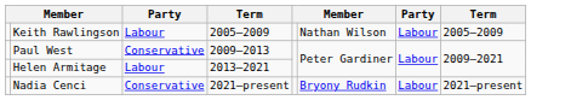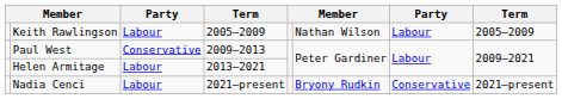 <table class="wikitable">
 <tr>
 <th colspan="2">Member</th>
 <th>Party</th>
 <th>Term</th>
 <th colspan="2">Member</th>
 <th>Party</th>
 <th>Term</th>
 </tr>
 <tr>
 <td style="background-color: "></td>
 <td>Keith Rawlingson</td>
 <td><a href='#'>Labour</a></td>
 <td>2005–2009</td>
 <td style="background-color: "></td>
 <td>Nathan Wilson</td>
 <td><a href='#'>Labour</a></td>
 <td>2005–2009</td>
 </tr>
 <tr>
 <td style="background-color: "></td>
 <td>Paul West</td>
 <td><a href='#'>Conservative</a></td>
 <td>2009–2013</td>
 <td rowspan="2" style="background-color: "></td>
 <td rowspan="2">Peter Gardiner</td>
 <td rowspan="2"><a href='#'>Labour</a></td>
 <td rowspan="2">2009–2021</td>
 </tr>
 <tr>
 <td style="background-color: "></td>
 <td>Helen Armitage</td>
 <td><a href='#'>Labour</a></td>
 <td>2013–2021</td>
 </tr>
 <tr>
 <td style="background-color: "></td>
 <td>Nadia Cenci</td>
-<td><a href='#'>Conservative</a></td>
+<td><a href='#'>Labour</a></td>
 <td>2021–present</td>
 <td style="background-color: "></td>
 <td><a href='#'>Bryony Rudkin</a></td>
-<td><a href='#'>Labour</a></td>
+<td><a href='#'>Conservative</a></td>
 <td>2021–present</td>
 </tr>
 </table>
